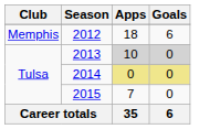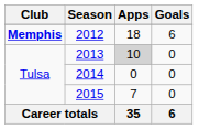 <table class="wikitable" style="text-align: center;">
 <tr>
 <th>Club</th>
 <th>Season</th>
 <th>Apps</th>
 <th>Goals</th>
 </tr>
 <tr>
 </tr>
 <tr>
-<td><a href='#'>Memphis</a></td>
+<td><strong><a href='#'>Memphis</a></strong></td>
 <td><a href='#'>2012</a></td>
 <td>18</td>
 <td>6</td>
 </tr>
 <tr>
 <td rowspan="3"><a href='#'>Tulsa</a></td>
 <td><a href='#'>2013</a></td>
 <td style="background: lightgrey;">10</td>
-<td style="background: lightgrey;">0</td>
+<td>0</td>
 </tr>
 <tr>
 <td><a href='#'>2014</a></td>
-<td style="background: khaki;">0</td>
-<td style="background: khaki;">0</td>
+<td>0</td>
+<td>0</td>
 </tr>
 <tr>
 <td><a href='#'>2015</a></td>
 <td>7</td>
 <td>0</td>
 </tr>
 <tr>
 <th colspan="2">Career totals</th>
 <th>35</th>
 <th>6</th>
 </tr>
 </table>
